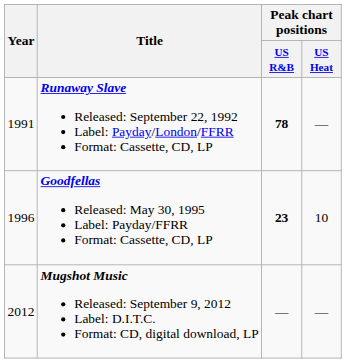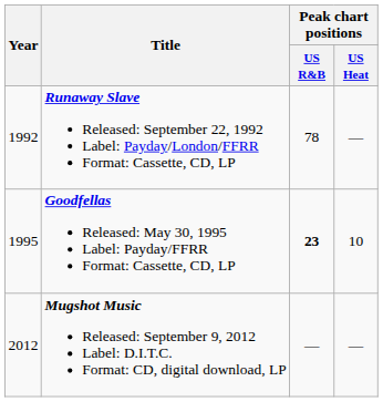 <table class="wikitable">
 <tr>
 <th align="center" rowspan=2>Year</th>
 <th align=center rowspan=2>Title</th>
 <th align=center colspan=2>Peak chart positions</th>
 </tr>
 <tr>
 <th width=40 align=center><small><a href='#'>US R&B</a></small></th>
 <th width=40 align=center><small><a href='#'>US Heat</a></small></th>
 </tr>
 <tr>
-<td align=center>1991</td>
+<td align=center>1992</td>
 <td align="left"><strong><em><a href='#'>Runaway Slave</a></em></strong><br><ul><li>Released: September 22, 1992</li><li>Label: <a href='#'>Payday</a>/<a href='#'>London</a>/<a href='#'>FFRR</a></li><li>Format: Cassette, CD, LP</li></ul></td>
-<td align=center><strong>78</strong></td>
+<td align=center>78</td>
 <td align=center>—</td>
 </tr>
 <tr>
-<td align=center>1996</td>
+<td align=center>1995</td>
 <td align="left"><strong><em><a href='#'>Goodfellas</a></em></strong><br><ul><li>Released: May 30, 1995</li><li>Label: Payday/FFRR</li><li>Format: Cassette, CD, LP</li></ul></td>
 <td align=center><strong>23</strong></td>
 <td align=center>10</td>
 </tr>
 <tr>
 <td align=center>2012</td>
 <td align="left"><strong><em>Mugshot Music</em></strong><br><ul><li>Released: September 9, 2012</li><li>Label: D.I.T.C.</li><li>Format: CD, digital download, LP</li></ul></td>
 <td align=center>—</td>
 <td align=center>—</td>
 </tr>
 </table>
